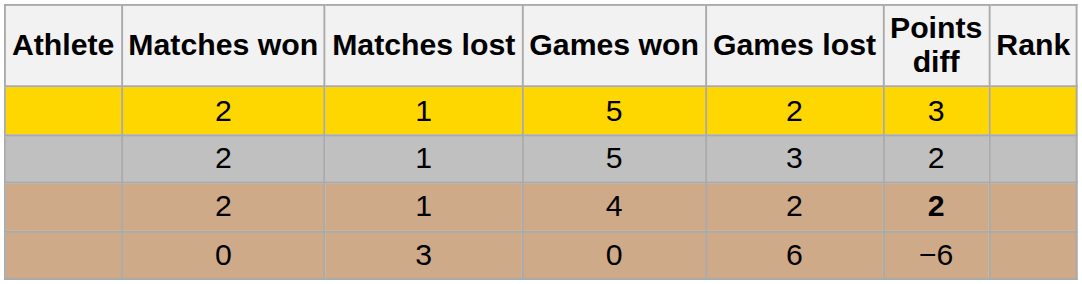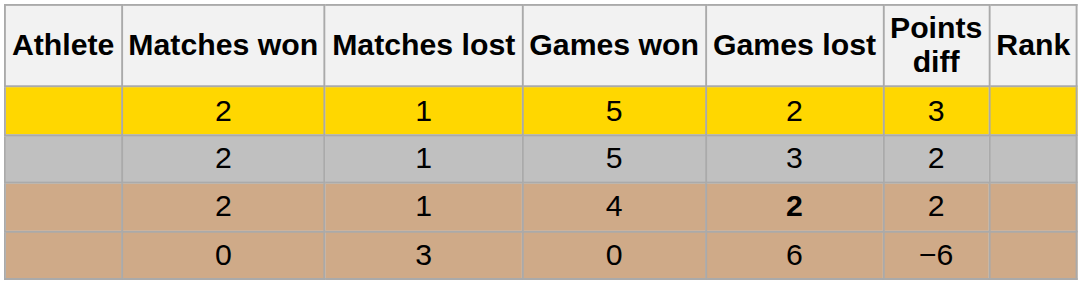 <table class="wikitable">
 <tr>
 <th>Athlete</th>
 <th>Matches won</th>
 <th>Matches lost</th>
 <th>Games won</th>
 <th>Games lost</th>
 <th>Points<br>diff</th>
 <th>Rank</th>
 </tr>
 <tr bgcolor=gold>
 <td></td>
 <td align="center">2</td>
 <td align="center">1</td>
 <td align="center">5</td>
 <td align="center">2</td>
 <td align="center">3</td>
 <td align="center"></td>
 </tr>
 <tr bgcolor=silver>
 <td></td>
 <td align="center">2</td>
 <td align="center">1</td>
 <td align="center">5</td>
 <td align="center">3</td>
 <td align="center">2</td>
 <td align="center"></td>
 </tr>
 <tr bgcolor=#CFAA88>
 <td></td>
 <td align="center">2</td>
 <td align="center">1</td>
 <td align="center">4</td>
+<td align="center"><strong>2</strong></td>
 <td align="center">2</td>
-<td align="center"><strong>2</strong></td>
 <td align="center"></td>
 </tr>
 <tr bgcolor=#CFAA88>
 <td></td>
 <td align="center">0</td>
 <td align="center">3</td>
 <td align="center">0</td>
 <td align="center">6</td>
 <td align="center">−6</td>
 <td align="center"></td>
 </tr>
 <tr>
 </tr>
 </table>
